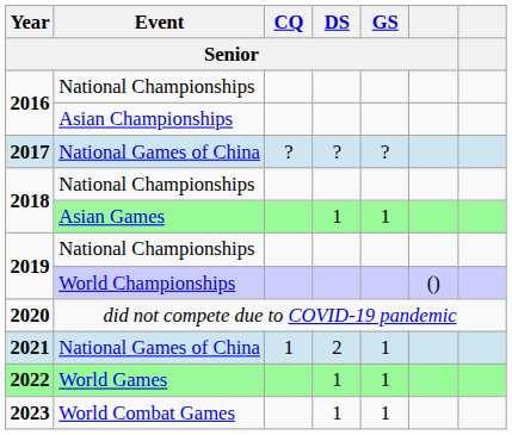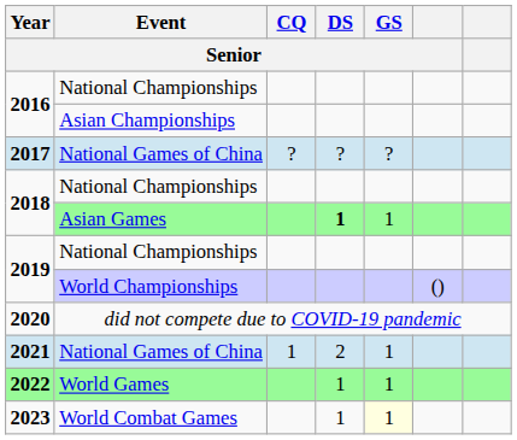 <table class="wikitable" style="text-align:center; font-size:95%;">
 <tr>
 <th align="center">Year</th>
 <th align="center">Event</th>
 <th style="width:30px;"><a href='#'>CQ</a></th>
 <th style="width:30px;"><a href='#'>DS</a></th>
 <th style="width:30px;"><a href='#'>GS</a></th>
 <th style="width:30px;"></th>
 <th style="width:30px;"></th>
 </tr>
 <tr>
 <th colspan="6"><strong>Senior</strong></th>
 <th></th>
 </tr>
 <tr>
 <td rowspan="2"><strong>2016</strong></td>
 <td align="left">National Championships</td>
 <td></td>
 <td></td>
 <td></td>
 <td></td>
 <td></td>
 </tr>
 <tr>
 <td align="left"><a href='#'>Asian Championships</a></td>
 <td></td>
 <td></td>
 <td></td>
 <td></td>
 <td></td>
 </tr>
 <tr style="background:#CEE6F2">
 <td><strong>2017</strong></td>
 <td align="left"><a href='#'>National Games of China</a></td>
 <td>?</td>
 <td>?</td>
 <td>?</td>
 <td></td>
 <td></td>
 </tr>
 <tr>
 <td rowspan="2"><strong>2018</strong></td>
 <td align="left">National Championships</td>
 <td></td>
 <td></td>
 <td></td>
 <td></td>
 <td></td>
 </tr>
 <tr style="background:#98fb98;">
 <td align="left"><a href='#'>Asian Games</a></td>
 <td></td>
-<td>1</td>
+<td><strong>1</strong></td>
 <td>1</td>
 <td></td>
 <td></td>
 </tr>
 <tr>
 <td rowspan="2"><strong>2019</strong></td>
 <td align="left">National Championships</td>
 <td></td>
 <td></td>
 <td></td>
 <td></td>
 <td></td>
 </tr>
 <tr style="background:#ccf;">
 <td align="left"><a href='#'>World Championships</a></td>
 <td></td>
 <td></td>
 <td></td>
 <td>()</td>
 <td></td>
 </tr>
 <tr>
 <td><strong>2020</strong></td>
 <td colspan="6"><em>did not compete due to <a href='#'>COVID-19 pandemic</a></em></td>
 </tr>
 <tr style="background:#CEE6F2">
 <td><strong>2021</strong></td>
 <td align="left"><a href='#'>National Games of China</a></td>
 <td>1</td>
 <td>2</td>
 <td>1</td>
 <td></td>
 <td></td>
 </tr>
 <tr style="background:#98fb98;">
 <td><strong>2022</strong></td>
 <td align="left"><a href='#'>World Games</a></td>
 <td></td>
 <td>1</td>
 <td>1</td>
 <td></td>
 <td></td>
 </tr>
 <tr>
 <td><strong>2023</strong></td>
 <td align="left"><a href='#'>World Combat Games</a></td>
 <td></td>
 <td>1</td>
-<td>1</td>
+<td style="background: lightyellow;">1</td>
 <td></td>
 <td></td>
 </tr>
 </table>
